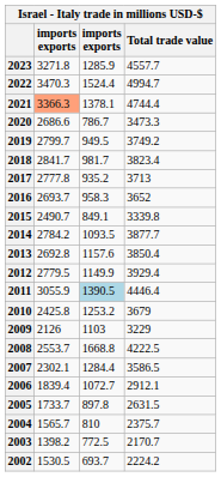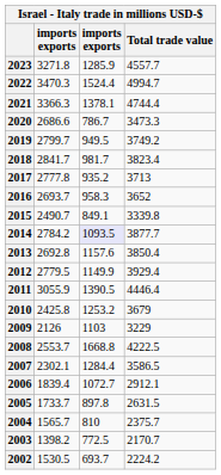 <table class="wikitable mw-collapsible mw-collapsed">
 <tr>
 <th colspan="4">Israel - Italy trade in millions USD-$</th>
 </tr>
 <tr>
 <th></th>
 <th> imports<br> exports</th>
 <th> imports<br> exports</th>
 <th>Total trade value</th>
 </tr>
 <tr>
 <th>2023</th>
 <td>3271.8</td>
 <td>1285.9</td>
 <td>4557.7</td>
 </tr>
 <tr>
 <th>2022</th>
 <td>3470.3</td>
 <td>1524.4</td>
 <td>4994.7</td>
 </tr>
 <tr>
 <th>2021</th>
-<td style="background: lightsalmon;">3366.3</td>
+<td>3366.3</td>
 <td>1378.1</td>
 <td>4744.4</td>
 </tr>
 <tr>
 <th>2020</th>
 <td>2686.6</td>
 <td>786.7</td>
 <td>3473.3</td>
 </tr>
 <tr>
 <th>2019</th>
 <td>2799.7</td>
 <td>949.5</td>
 <td>3749.2</td>
 </tr>
 <tr>
 <th>2018</th>
 <td>2841.7</td>
 <td>981.7</td>
 <td>3823.4</td>
 </tr>
 <tr>
 <th>2017</th>
 <td>2777.8</td>
 <td>935.2</td>
 <td>3713</td>
 </tr>
 <tr>
 <th>2016</th>
 <td>2693.7</td>
 <td>958.3</td>
 <td>3652</td>
 </tr>
 <tr>
 <th>2015</th>
 <td>2490.7</td>
 <td>849.1</td>
 <td>3339.8</td>
 </tr>
 <tr>
 <th>2014</th>
 <td>2784.2</td>
-<td>1093.5</td>
+<td style="background: lavender;">1093.5</td>
 <td>3877.7</td>
 </tr>
 <tr>
 <th>2013</th>
 <td>2692.8</td>
 <td>1157.6</td>
 <td>3850.4</td>
 </tr>
 <tr>
 <th>2012</th>
 <td>2779.5</td>
 <td>1149.9</td>
 <td>3929.4</td>
 </tr>
 <tr>
 <th>2011</th>
 <td>3055.9</td>
-<td style="background: lightblue;">1390.5</td>
+<td>1390.5</td>
 <td>4446.4</td>
 </tr>
 <tr>
 <th>2010</th>
 <td>2425.8</td>
 <td>1253.2</td>
 <td>3679</td>
 </tr>
 <tr>
 <th>2009</th>
 <td>2126</td>
 <td>1103</td>
 <td>3229</td>
 </tr>
 <tr>
 <th>2008</th>
 <td>2553.7</td>
 <td>1668.8</td>
 <td>4222.5</td>
 </tr>
 <tr>
 <th>2007</th>
 <td>2302.1</td>
 <td>1284.4</td>
 <td>3586.5</td>
 </tr>
 <tr>
 <th>2006</th>
 <td>1839.4</td>
 <td>1072.7</td>
 <td>2912.1</td>
 </tr>
 <tr>
 <th>2005</th>
 <td>1733.7</td>
 <td>897.8</td>
 <td>2631.5</td>
 </tr>
 <tr>
 <th>2004</th>
 <td>1565.7</td>
 <td>810</td>
 <td>2375.7</td>
 </tr>
 <tr>
 <th>2003</th>
 <td>1398.2</td>
 <td>772.5</td>
 <td>2170.7</td>
 </tr>
 <tr>
 <th>2002</th>
 <td>1530.5</td>
 <td>693.7</td>
 <td>2224.2</td>
 </tr>
 </table>
